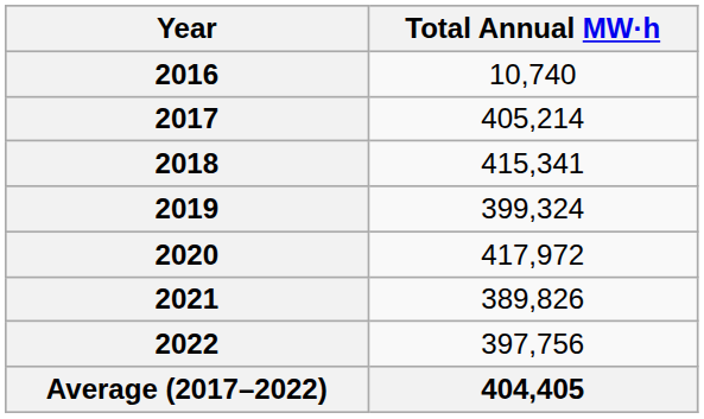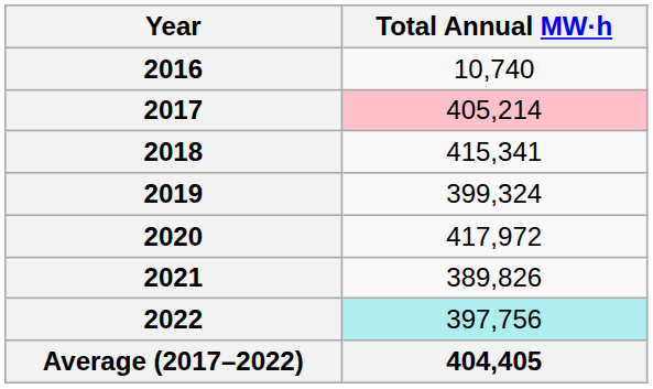 <table class=wikitable style="text-align:center; font-size:0.9em; width:350px;">
 <tr>
 <th>Year</th>
 <th>Total Annual <a href='#'>MW·h</a></th>
 </tr>
 <tr>
 <th>2016</th>
 <td>10,740</td>
 </tr>
 <tr>
 <th>2017</th>
-<td>405,214</td>
+<td style="background: pink;">405,214</td>
 </tr>
 <tr>
 <th>2018</th>
 <td>415,341</td>
 </tr>
 <tr>
 <th>2019</th>
 <td>399,324</td>
 </tr>
 <tr>
 <th>2020</th>
 <td>417,972</td>
 </tr>
 <tr>
 <th>2021</th>
 <td>389,826</td>
 </tr>
 <tr>
 <th>2022</th>
-<td>397,756</td>
+<td style="background: paleturquoise;">397,756</td>
 </tr>
 <tr>
 <th>Average (2017–2022)</th>
 <th>404,405</th>
 </tr>
 </table>
